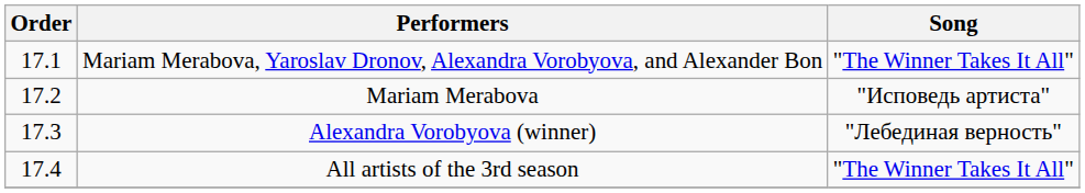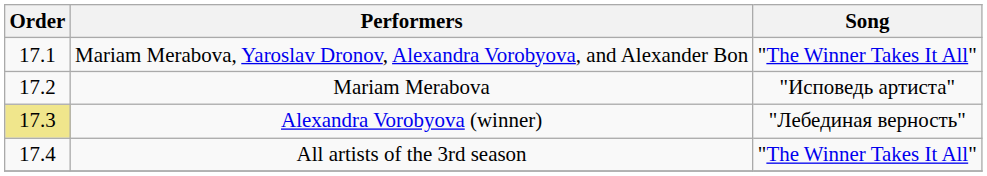 <table class="wikitable sortable" style="text-align: center; width: auto;">
 <tr>
 <th>Order</th>
 <th>Performers</th>
 <th>Song</th>
 </tr>
 <tr>
 <td>17.1</td>
 <td>Mariam Merabova, <a href='#'>Yaroslav Dronov</a>, <a href='#'>Alexandra Vorobyova</a>, and Alexander Bon</td>
 <td>"<a href='#'>The Winner Takes It All</a>"</td>
 </tr>
 <tr>
 <td>17.2</td>
 <td>Mariam Merabova</td>
 <td>"Исповедь артиста"</td>
 </tr>
 <tr>
-<td>17.3</td>
+<td style="background: khaki;">17.3</td>
 <td><a href='#'>Alexandra Vorobyova</a> (winner)</td>
 <td>"Лебединая верность"</td>
 </tr>
 <tr>
 <td>17.4</td>
 <td>All artists of the 3rd season</td>
 <td>"<a href='#'>The Winner Takes It All</a>"</td>
 </tr>
 <tr>
 </tr>
 </table>
